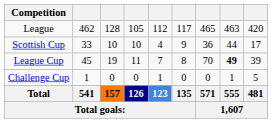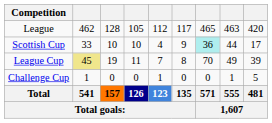 <table class="wikitable" style="text-align:center">
 <tr>
 <th width=100>Competition</th>
 <th width=35></th>
 <th width=30></th>
 <th width=30></th>
 <th width=30></th>
 <th width=30></th>
 <th width=30></th>
 <th width=30></th>
 <th width=30></th>
 </tr>
 <tr>
 <td>League</td>
 <td>462</td>
 <td>128</td>
 <td>105</td>
 <td>112</td>
 <td>117</td>
 <td>465</td>
 <td>463</td>
 <td>420</td>
 </tr>
 <tr>
 <td><a href='#'>Scottish Cup</a></td>
 <td>33</td>
 <td>10</td>
 <td>10</td>
 <td>4</td>
 <td>9</td>
-<td>36</td>
+<td style="background: paleturquoise;">36</td>
 <td>44</td>
 <td>17</td>
 </tr>
 <tr>
 <td><a href='#'>League Cup</a></td>
-<td>45</td>
+<td style="background: khaki;">45</td>
 <td>19</td>
 <td>11</td>
 <td>7</td>
 <td>8</td>
 <td>70</td>
-<td><strong>49</strong></td>
+<td>49</td>
 <td>39</td>
 </tr>
 <tr>
 <td><a href='#'>Challenge Cup</a></td>
 <td>1</td>
 <td>0</td>
 <td>0</td>
 <td>1</td>
 <td>0</td>
 <td>0</td>
 <td>1</td>
 <td>5</td>
 </tr>
 <tr>
 <th>Total</th>
 <th>541</th>
 <th style="text-align:center; color:#000000; background:#FF7700;">157</th>
 <th style="text-align:center; color:#FFFFFF; background:#00008B;">126</th>
 <th style="text-align:center; color:#FFFFFF; background:#4084DC;">123</th>
 <th>135</th>
 <th>571</th>
 <th>555</th>
 <th>481</th>
 </tr>
 <tr>
 <th colspan=6>Total goals:</th>
 <th text-align:left  colspan=3>1,607</th>
 </tr>
 </table>
